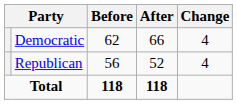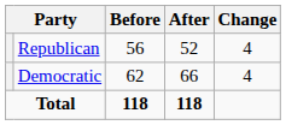 <table class="wikitable" style="text-align:center;">
 <tr>
 <th colspan="2">Party</th>
 <th>Before</th>
 <th>After</th>
 <th>Change</th>
 </tr>
 <tr>
 <th style="background-color:"></th>
-<td style="text-align:left;"><a href='#'>Democratic</a></td>
-<td>62</td>
-<td>66</td>
+<td style="text-align:left;"><a href='#'>Republican</a></td>
+<td>56</td>
+<td>52</td>
 <td> 4</td>
 </tr>
 <tr>
 <th style="background-color:"></th>
-<td style="text-align:left;"><a href='#'>Republican</a></td>
-<td>56</td>
-<td>52</td>
+<td style="text-align:left;"><a href='#'>Democratic</a></td>
+<td>62</td>
+<td>66</td>
 <td> 4</td>
 </tr>
 <tr>
 <td colspan="2"><strong>Total</strong></td>
 <td><strong>118</strong></td>
 <td><strong>118</strong></td>
 <td></td>
 </tr>
 </table>
